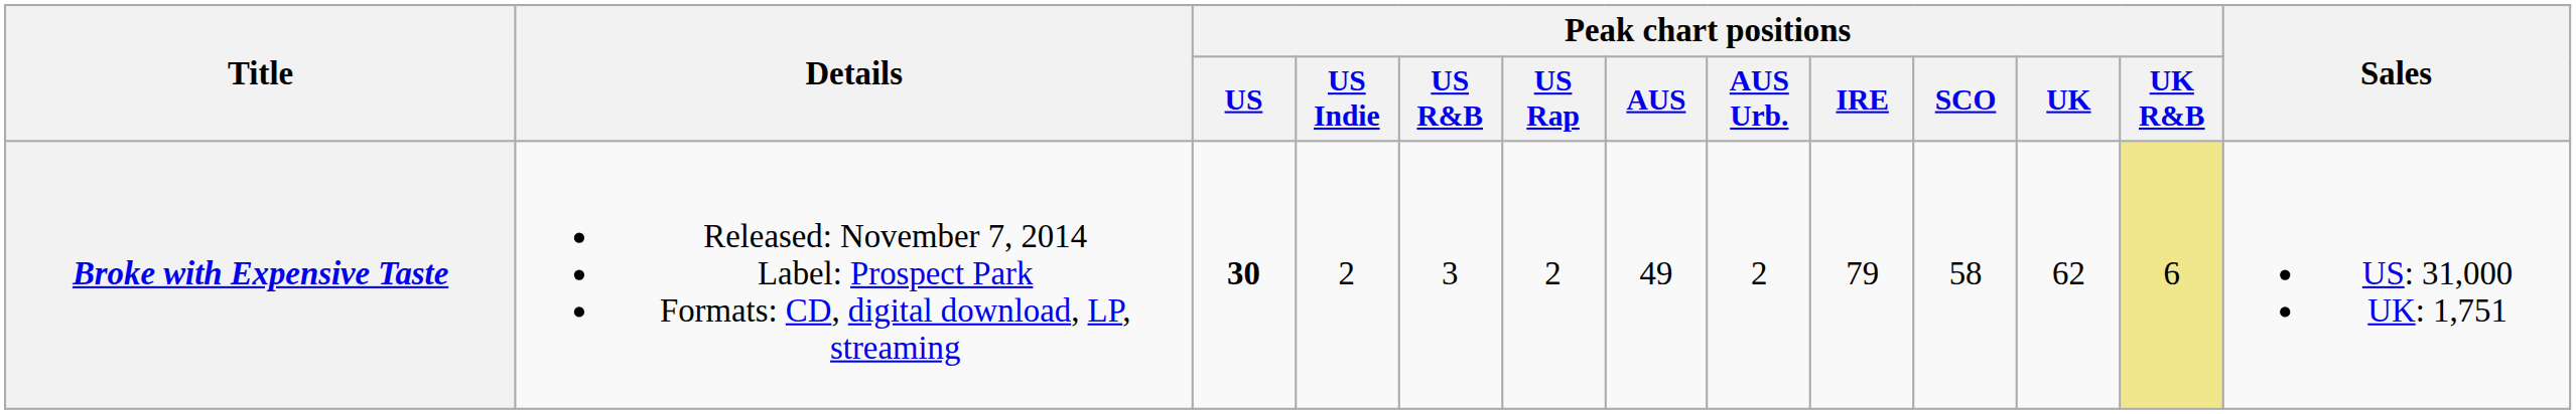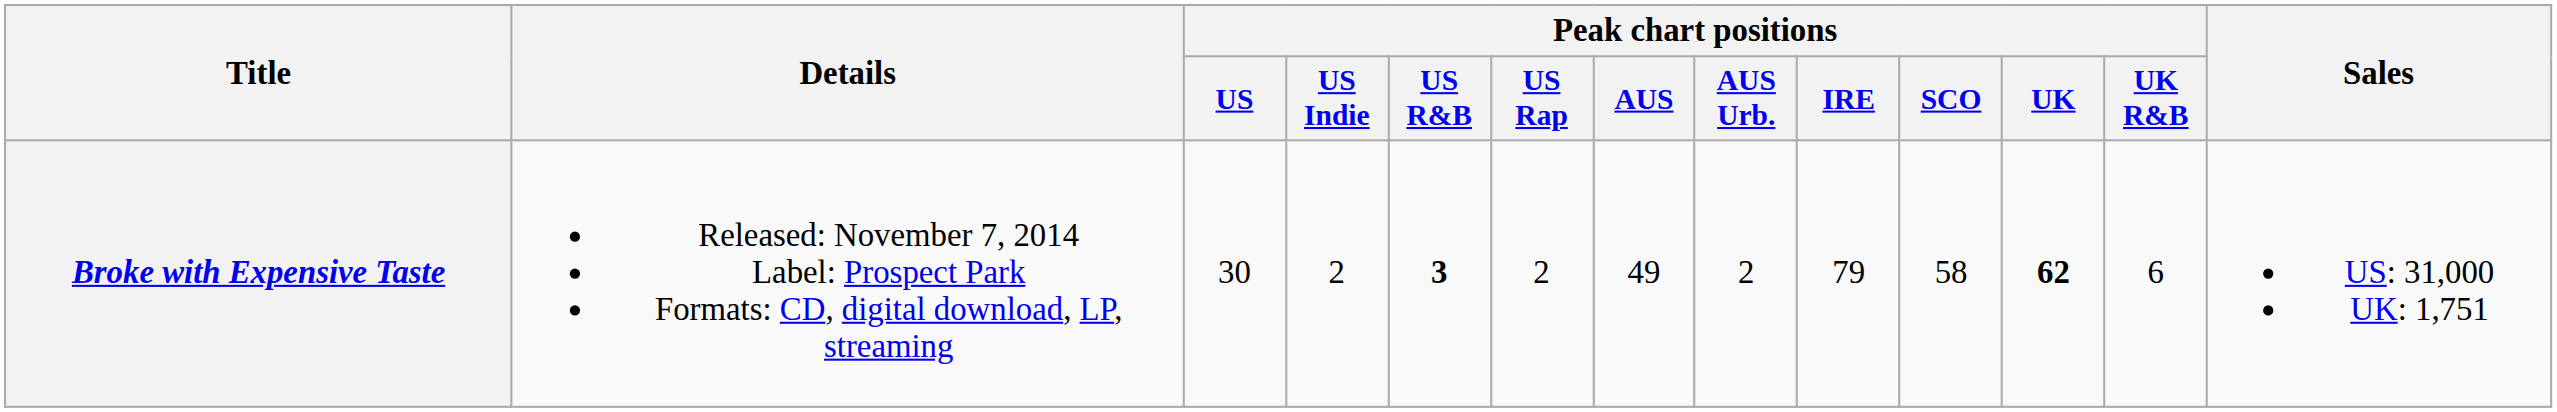 <table class="wikitable plainrowheaders" style="text-align:center;">
 <tr>
 <th scope="col" rowspan="2" style="width:15em;">Title</th>
 <th scope="col" rowspan="2" style="width:20em;">Details</th>
 <th scope="col" colspan="10">Peak chart positions</th>
 <th scope="col" rowspan="2" style="width:10em;">Sales</th>
 </tr>
 <tr>
 <th scope="col" style="width:3em;font-size:90%;"><a href='#'>US</a><br></th>
 <th scope="col" style="width:3em;font-size:90%;"><a href='#'>US Indie</a><br></th>
 <th scope="col" style="width:3em;font-size:90%;"><a href='#'>US<br>R&B</a><br></th>
 <th scope="col" style="width:3em;font-size:90%;"><a href='#'>US<br>Rap</a><br></th>
 <th scope="col" style="width:3em;font-size:90%;"><a href='#'>AUS</a><br></th>
 <th scope="col" style="width:3em;font-size:90%;"><a href='#'>AUS Urb.</a><br></th>
 <th scope="col" style="width:3em;font-size:90%;"><a href='#'>IRE</a><br></th>
 <th scope="col" style="width:3em;font-size:90%;"><a href='#'>SCO</a><br></th>
 <th scope="col" style="width:3em;font-size:90%;"><a href='#'>UK</a><br></th>
 <th scope="col" style="width:3em;font-size:90%;"><a href='#'>UK<br>R&B</a><br></th>
 </tr>
 <tr>
 <th scope="row"><em><a href='#'>Broke with Expensive Taste</a></em></th>
 <td><br><ul><li>Released: November 7, 2014</li><li>Label: <a href='#'>Prospect Park</a></li><li>Formats: <a href='#'>CD</a>, <a href='#'>digital download</a>, <a href='#'>LP</a>, <a href='#'>streaming</a></li></ul></td>
-<td><strong>30</strong></td>
+<td>30</td>
 <td>2</td>
-<td>3</td>
+<td><strong>3</strong></td>
 <td>2</td>
 <td>49</td>
 <td>2</td>
 <td>79</td>
 <td>58</td>
-<td>62</td>
-<td style="background: khaki;">6</td>
+<td><strong>62</strong></td>
+<td>6</td>
 <td><br><ul><li><a href='#'>US</a>: 31,000</li><li><a href='#'>UK</a>: 1,751</li></ul></td>
 </tr>
 </table>
